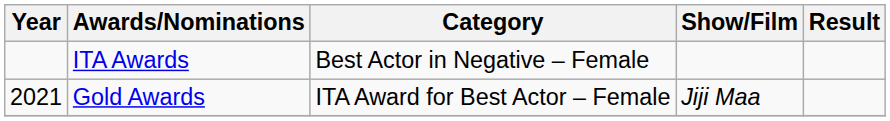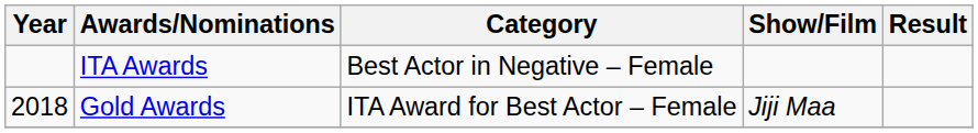 <table class="wikitable sortable">
 <tr>
 <th>Year</th>
 <th>Awards/Nominations</th>
 <th>Category</th>
 <th>Show/Film</th>
 <th>Result</th>
 </tr>
 <tr>
 <td></td>
 <td><a href='#'>ITA Awards</a></td>
 <td>Best Actor in Negative – Female</td>
 <td></td>
 <td></td>
 </tr>
 <tr>
-<td>2021</td>
+<td>2018</td>
 <td><a href='#'>Gold Awards</a></td>
 <td>ITA Award for Best Actor – Female</td>
 <td><em>Jiji Maa</em></td>
 <td></td>
 </tr>
 <tr>
 </tr>
 </table>
